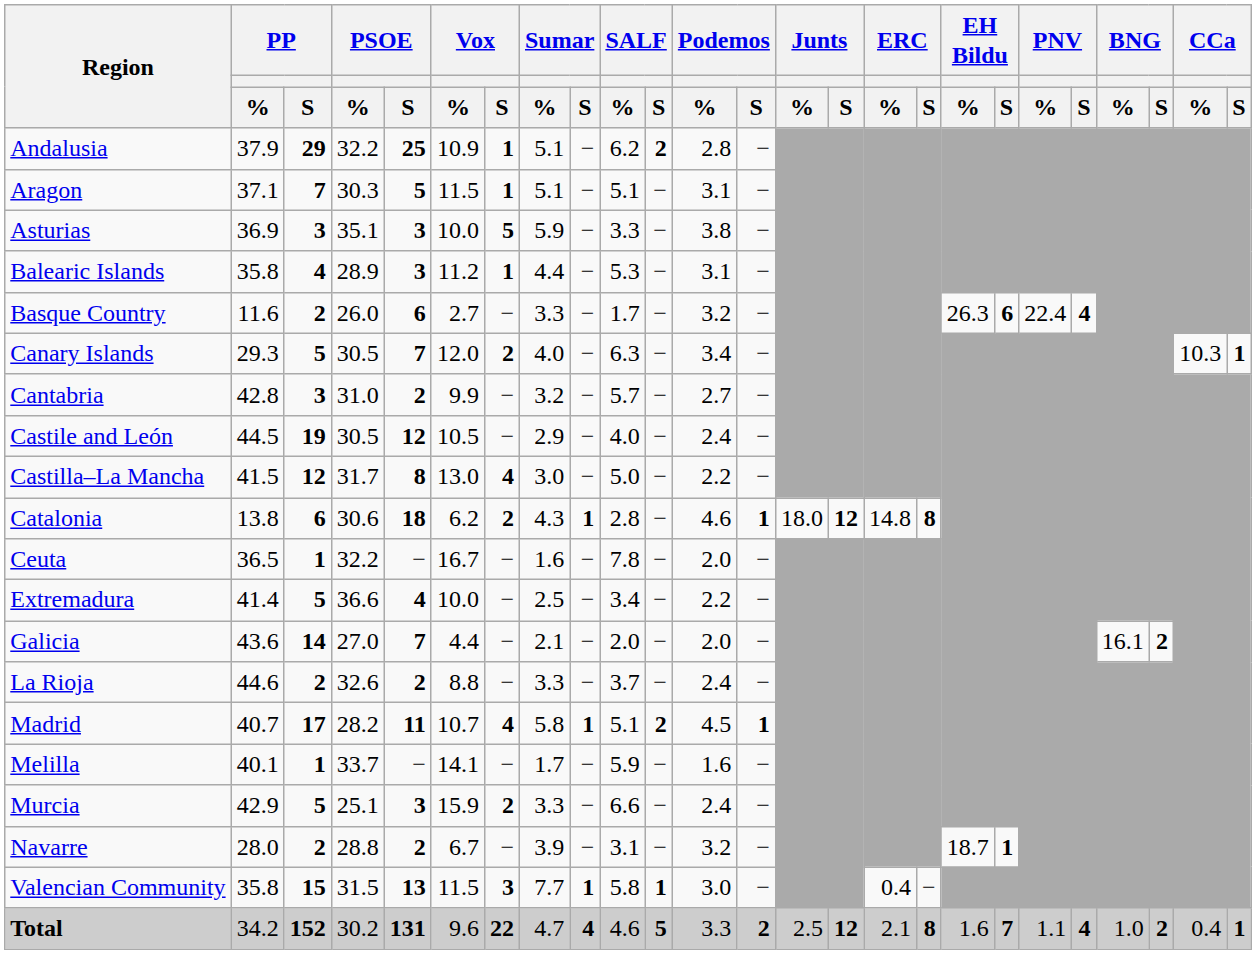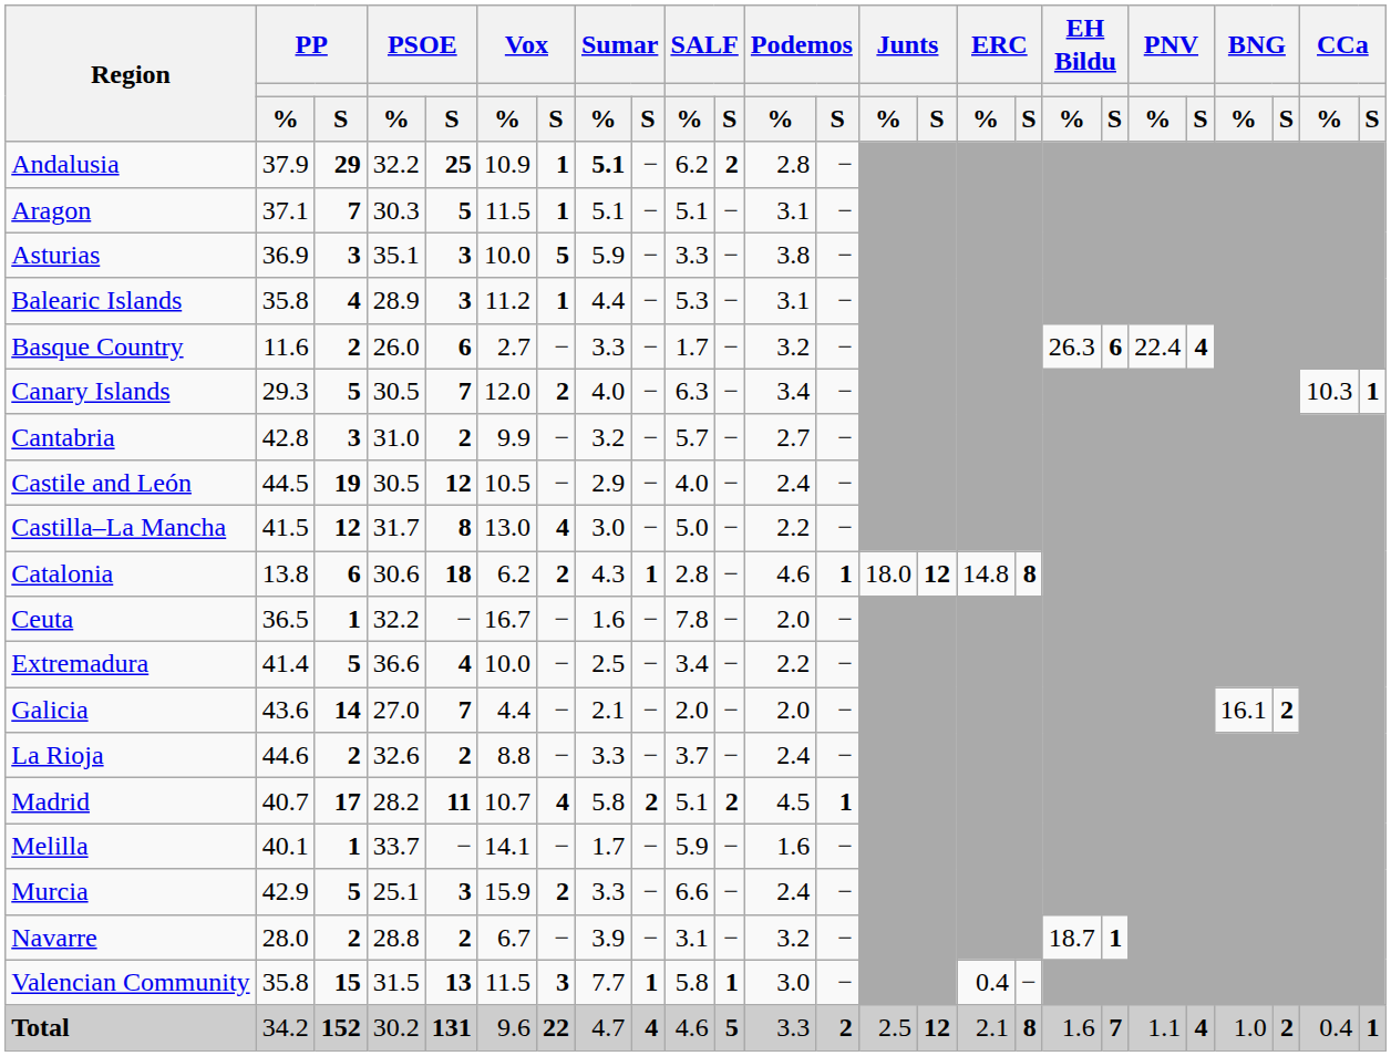 <table class="wikitable sortable" style="text-align:right; line-height:20px;">
 <tr>
 <th rowspan="3">Region</th>
 <th colspan="2" width="30px" class="unsortable"><a href='#'>PP</a></th>
 <th colspan="2" width="30px" class="unsortable"><a href='#'>PSOE</a></th>
 <th colspan="2" width="30px" class="unsortable"><a href='#'>Vox</a></th>
 <th colspan="2" width="30px" class="unsortable"><a href='#'>Sumar</a></th>
 <th colspan="2" width="30px" class="unsortable"><a href='#'>SALF</a></th>
 <th colspan="2" width="30px" class="unsortable"><a href='#'>Podemos</a></th>
 <th colspan="2" width="30px" class="unsortable"><a href='#'>Junts</a></th>
 <th colspan="2" width="30px" class="unsortable"><a href='#'>ERC</a></th>
 <th colspan="2" width="30px" class="unsortable"><a href='#'>EH Bildu</a></th>
 <th colspan="2" width="30px" class="unsortable"><a href='#'>PNV</a></th>
 <th colspan="2" width="30px" class="unsortable"><a href='#'>BNG</a></th>
 <th colspan="2" width="30px" class="unsortable"><a href='#'>CCa</a></th>
 </tr>
 <tr>
 <th colspan="2" style="background:"></th>
 <th colspan="2" style="background:"></th>
 <th colspan="2" style="background:"></th>
 <th colspan="2" style="background:"></th>
 <th colspan="2" style="background:"></th>
 <th colspan="2" style="background:"></th>
 <th colspan="2" style="background:"></th>
 <th colspan="2" style="background:"></th>
 <th colspan="2" style="background:"></th>
 <th colspan="2" style="background:"></th>
 <th colspan="2" style="background:"></th>
 <th colspan="2" style="background:"></th>
 </tr>
 <tr>
 <th data-sort-type="number">%</th>
 <th data-sort-type="number">S</th>
 <th data-sort-type="number">%</th>
 <th data-sort-type="number">S</th>
 <th data-sort-type="number">%</th>
 <th data-sort-type="number">S</th>
 <th data-sort-type="number">%</th>
 <th data-sort-type="number">S</th>
 <th data-sort-type="number">%</th>
 <th data-sort-type="number">S</th>
 <th data-sort-type="number">%</th>
 <th data-sort-type="number">S</th>
 <th data-sort-type="number">%</th>
 <th data-sort-type="number">S</th>
 <th data-sort-type="number">%</th>
 <th data-sort-type="number">S</th>
 <th data-sort-type="number">%</th>
 <th data-sort-type="number">S</th>
 <th data-sort-type="number">%</th>
 <th data-sort-type="number">S</th>
 <th data-sort-type="number">%</th>
 <th data-sort-type="number">S</th>
 <th data-sort-type="number">%</th>
 <th data-sort-type="number">S</th>
 </tr>
 <tr>
 <td align="left"><a href='#'>Andalusia</a></td>
 <td style="background:">37.9</td>
 <td><strong>29</strong></td>
 <td>32.2</td>
 <td><strong>25</strong></td>
 <td>10.9</td>
 <td><strong>1</strong></td>
-<td>5.1</td>
+<td><strong>5.1</strong></td>
 <td>−</td>
 <td>6.2</td>
 <td><strong>2</strong></td>
 <td>2.8</td>
 <td>−</td>
 <td colspan="2" rowspan="9" bgcolor="#AAAAAA"></td>
 <td colspan="2" rowspan="9" bgcolor="#AAAAAA"></td>
 <td colspan="2" rowspan="4" bgcolor="#AAAAAA"></td>
 <td colspan="2" rowspan="4" bgcolor="#AAAAAA"></td>
 <td colspan="2" rowspan="12" bgcolor="#AAAAAA"></td>
 <td colspan="2" rowspan="5" bgcolor="#AAAAAA"></td>
 </tr>
 <tr>
 <td align="left"><a href='#'>Aragon</a></td>
 <td style="background:">37.1</td>
 <td><strong>7</strong></td>
 <td>30.3</td>
 <td><strong>5</strong></td>
 <td>11.5</td>
 <td><strong>1</strong></td>
 <td>5.1</td>
 <td>−</td>
 <td>5.1</td>
 <td>−</td>
 <td>3.1</td>
 <td>−</td>
 </tr>
 <tr>
 <td align="left"><a href='#'>Asturias</a></td>
 <td style="background:">36.9</td>
 <td><strong>3</strong></td>
 <td>35.1</td>
 <td><strong>3</strong></td>
 <td>10.0</td>
 <td><strong>5</strong></td>
 <td>5.9</td>
 <td>−</td>
 <td>3.3</td>
 <td>−</td>
 <td>3.8</td>
 <td>−</td>
 </tr>
 <tr>
 <td align="left"><a href='#'>Balearic Islands</a></td>
 <td style="background:">35.8</td>
 <td><strong>4</strong></td>
 <td>28.9</td>
 <td><strong>3</strong></td>
 <td>11.2</td>
 <td><strong>1</strong></td>
 <td>4.4</td>
 <td>−</td>
 <td>5.3</td>
 <td>−</td>
 <td>3.1</td>
 <td>−</td>
 </tr>
 <tr>
 <td align="left"><a href='#'>Basque Country</a></td>
 <td>11.6</td>
 <td><strong>2</strong></td>
 <td>26.0</td>
 <td><strong>6</strong></td>
 <td>2.7</td>
 <td>−</td>
 <td>3.3</td>
 <td>−</td>
 <td>1.7</td>
 <td>−</td>
 <td>3.2</td>
 <td>−</td>
 <td style="background:">26.3</td>
 <td><strong>6</strong></td>
 <td>22.4</td>
 <td><strong>4</strong></td>
 </tr>
 <tr>
 <td align="left"><a href='#'>Canary Islands</a></td>
 <td>29.3</td>
 <td><strong>5</strong></td>
 <td style="background:">30.5</td>
 <td><strong>7</strong></td>
 <td>12.0</td>
 <td><strong>2</strong></td>
 <td>4.0</td>
 <td>−</td>
 <td>6.3</td>
 <td>−</td>
 <td>3.4</td>
 <td>−</td>
 <td colspan="2" rowspan="12" bgcolor="#AAAAAA"></td>
 <td colspan="2" rowspan="14" bgcolor="#AAAAAA"></td>
 <td>10.3</td>
 <td><strong>1</strong></td>
 </tr>
 <tr>
 <td align="left"><a href='#'>Cantabria</a></td>
 <td style="background:">42.8</td>
 <td><strong>3</strong></td>
 <td>31.0</td>
 <td><strong>2</strong></td>
 <td>9.9</td>
 <td>−</td>
 <td>3.2</td>
 <td>−</td>
 <td>5.7</td>
 <td>−</td>
 <td>2.7</td>
 <td>−</td>
 <td colspan="2" rowspan="13" bgcolor="#AAAAAA"></td>
 </tr>
 <tr>
 <td align="left"><a href='#'>Castile and León</a></td>
 <td style="background:">44.5</td>
 <td><strong>19</strong></td>
 <td>30.5</td>
 <td><strong>12</strong></td>
 <td>10.5</td>
 <td>−</td>
 <td>2.9</td>
 <td>−</td>
 <td>4.0</td>
 <td>−</td>
 <td>2.4</td>
 <td>−</td>
 </tr>
 <tr>
 <td align="left"><a href='#'>Castilla–La Mancha</a></td>
 <td style="background:">41.5</td>
 <td><strong>12</strong></td>
 <td>31.7</td>
 <td><strong>8</strong></td>
 <td>13.0</td>
 <td><strong>4</strong></td>
 <td>3.0</td>
 <td>−</td>
 <td>5.0</td>
 <td>−</td>
 <td>2.2</td>
 <td>−</td>
 </tr>
 <tr>
 <td align="left"><a href='#'>Catalonia</a></td>
 <td>13.8</td>
 <td><strong>6</strong></td>
 <td style="background:">30.6</td>
 <td><strong>18</strong></td>
 <td>6.2</td>
 <td><strong>2</strong></td>
 <td>4.3</td>
 <td><strong>1</strong></td>
 <td>2.8</td>
 <td>−</td>
 <td>4.6</td>
 <td><strong>1</strong></td>
 <td>18.0</td>
 <td><strong>12</strong></td>
 <td>14.8</td>
 <td><strong>8</strong></td>
 </tr>
 <tr>
 <td align="left"><a href='#'>Ceuta</a></td>
 <td style="background:">36.5</td>
 <td><strong>1</strong></td>
 <td>32.2</td>
 <td>−</td>
 <td>16.7</td>
 <td>−</td>
 <td>1.6</td>
 <td>−</td>
 <td>7.8</td>
 <td>−</td>
 <td>2.0</td>
 <td>−</td>
 <td colspan="2" rowspan="9" bgcolor="#AAAAAA"></td>
 <td colspan="2" rowspan="8" bgcolor="#AAAAAA"></td>
 </tr>
 <tr>
 <td align="left"><a href='#'>Extremadura</a></td>
 <td style="background:">41.4</td>
 <td><strong>5</strong></td>
 <td>36.6</td>
 <td><strong>4</strong></td>
 <td>10.0</td>
 <td>−</td>
 <td>2.5</td>
 <td>−</td>
 <td>3.4</td>
 <td>−</td>
 <td>2.2</td>
 <td>−</td>
 </tr>
 <tr>
 <td align="left"><a href='#'>Galicia</a></td>
 <td style="background:">43.6</td>
 <td><strong>14</strong></td>
 <td>27.0</td>
 <td><strong>7</strong></td>
 <td>4.4</td>
 <td>−</td>
 <td>2.1</td>
 <td>−</td>
 <td>2.0</td>
 <td>−</td>
 <td>2.0</td>
 <td>−</td>
 <td>16.1</td>
 <td><strong>2</strong></td>
 </tr>
 <tr>
 <td align="left"><a href='#'>La Rioja</a></td>
 <td style="background:">44.6</td>
 <td><strong>2</strong></td>
 <td>32.6</td>
 <td><strong>2</strong></td>
 <td>8.8</td>
 <td>−</td>
 <td>3.3</td>
 <td>−</td>
 <td>3.7</td>
 <td>−</td>
 <td>2.4</td>
 <td>−</td>
 <td colspan="2" rowspan="6" bgcolor="#AAAAAA"></td>
 </tr>
 <tr>
 <td align="left"><a href='#'>Madrid</a></td>
 <td style="background:">40.7</td>
 <td><strong>17</strong></td>
 <td>28.2</td>
 <td><strong>11</strong></td>
 <td>10.7</td>
 <td><strong>4</strong></td>
 <td>5.8</td>
-<td><strong>1</strong></td>
+<td><strong>2</strong></td>
 <td>5.1</td>
 <td><strong>2</strong></td>
 <td>4.5</td>
 <td><strong>1</strong></td>
 </tr>
 <tr>
 <td align="left"><a href='#'>Melilla</a></td>
 <td style="background:">40.1</td>
 <td><strong>1</strong></td>
 <td>33.7</td>
 <td>−</td>
 <td>14.1</td>
 <td>−</td>
 <td>1.7</td>
 <td>−</td>
 <td>5.9</td>
 <td>−</td>
 <td>1.6</td>
 <td>−</td>
 </tr>
 <tr>
 <td align="left"><a href='#'>Murcia</a></td>
 <td style="background:">42.9</td>
 <td><strong>5</strong></td>
 <td>25.1</td>
 <td><strong>3</strong></td>
 <td>15.9</td>
 <td><strong>2</strong></td>
 <td>3.3</td>
 <td>−</td>
 <td>6.6</td>
 <td>−</td>
 <td>2.4</td>
 <td>−</td>
 </tr>
 <tr>
 <td align="left"><a href='#'>Navarre</a></td>
 <td>28.0</td>
 <td><strong>2</strong></td>
 <td style="background:">28.8</td>
 <td><strong>2</strong></td>
 <td>6.7</td>
 <td>−</td>
 <td>3.9</td>
 <td>−</td>
 <td>3.1</td>
 <td>−</td>
 <td>3.2</td>
 <td>−</td>
 <td>18.7</td>
 <td><strong>1</strong></td>
 </tr>
 <tr>
 <td align="left"><a href='#'>Valencian Community</a></td>
 <td style="background:">35.8</td>
 <td><strong>15</strong></td>
 <td>31.5</td>
 <td><strong>13</strong></td>
 <td>11.5</td>
 <td><strong>3</strong></td>
 <td>7.7</td>
 <td><strong>1</strong></td>
 <td>5.8</td>
 <td><strong>1</strong></td>
 <td>3.0</td>
 <td>−</td>
 <td>0.4</td>
 <td>−</td>
 <td colspan="2" bgcolor="#AAAAAA"></td>
 </tr>
 <tr style="background:#CDCDCD;">
 <td align="left"><strong>Total</strong></td>
 <td style="background:">34.2</td>
 <td><strong>152</strong></td>
 <td>30.2</td>
 <td><strong>131</strong></td>
 <td>9.6</td>
 <td><strong>22</strong></td>
 <td>4.7</td>
 <td><strong>4</strong></td>
 <td>4.6</td>
 <td><strong>5</strong></td>
 <td>3.3</td>
 <td><strong>2</strong></td>
 <td>2.5</td>
 <td><strong>12</strong></td>
 <td>2.1</td>
 <td><strong>8</strong></td>
 <td>1.6</td>
 <td><strong>7</strong></td>
 <td>1.1</td>
 <td><strong>4</strong></td>
 <td>1.0</td>
 <td><strong>2</strong></td>
 <td>0.4</td>
 <td><strong>1</strong></td>
 </tr>
 </table>
